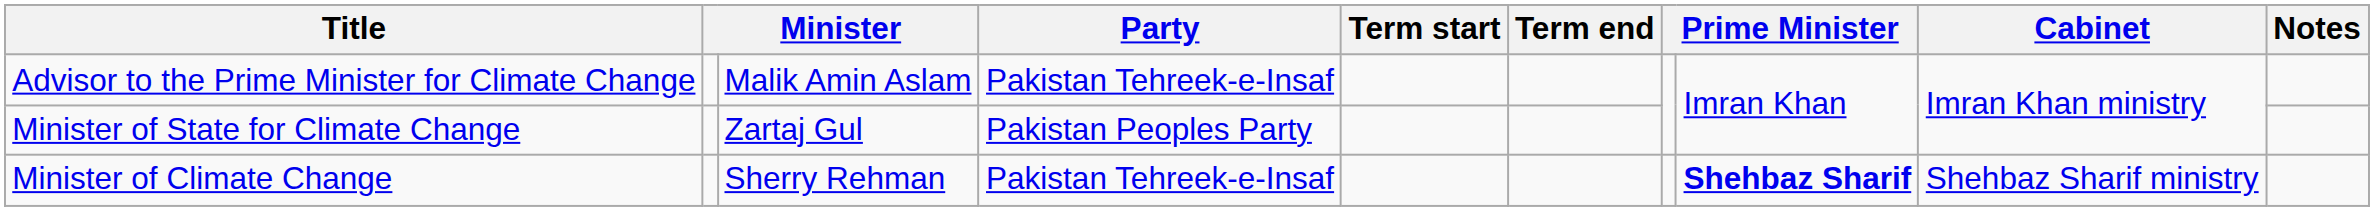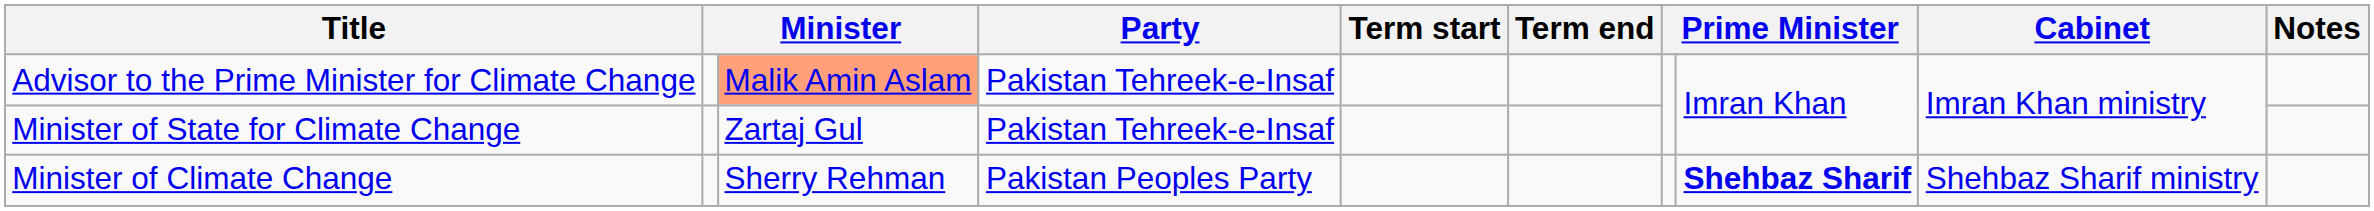 <table class="wikitable sortable">
 <tr>
 <th>Title</th>
 <th colspan=2><a href='#'>Minister</a></th>
 <th><a href='#'>Party</a></th>
 <th>Term start</th>
 <th>Term end</th>
 <th colspan=2><a href='#'>Prime Minister</a></th>
 <th><a href='#'>Cabinet</a></th>
 <th class="unsortable">Notes</th>
 </tr>
 <tr>
 <td><a href='#'>Advisor to the Prime Minister for Climate Change</a></td>
 <td style="color:inherit;background:"></td>
-<td><a href='#'>Malik Amin Aslam</a></td>
+<td style="background: lightsalmon;"><a href='#'>Malik Amin Aslam</a></td>
 <td><a href='#'>Pakistan Tehreek-e-Insaf</a></td>
 <td></td>
 <td></td>
 <td rowspan=2 bgcolor=></td>
 <td rowspan=2><a href='#'>Imran Khan</a></td>
 <td rowspan=2><a href='#'>Imran Khan ministry</a></td>
 <td></td>
 </tr>
 <tr>
 <td><a href='#'>Minister of State for Climate Change</a></td>
 <td style="color:inherit;background:"></td>
 <td><a href='#'>Zartaj Gul</a></td>
-<td><a href='#'>Pakistan Peoples Party</a></td>
+<td><a href='#'>Pakistan Tehreek-e-Insaf</a></td>
 <td></td>
 <td></td>
 <td></td>
 </tr>
 <tr>
 <td><a href='#'>Minister of Climate Change</a></td>
 <td style="color:inherit;background:"></td>
 <td><a href='#'>Sherry Rehman</a></td>
-<td><a href='#'>Pakistan Tehreek-e-Insaf</a></td>
+<td><a href='#'>Pakistan Peoples Party</a></td>
 <td></td>
 <td></td>
 <td style="color:inherit;background:"></td>
 <td><strong><a href='#'>Shehbaz Sharif</a></strong></td>
 <td><a href='#'>Shehbaz Sharif ministry</a></td>
 <td></td>
 </tr>
 </table>
